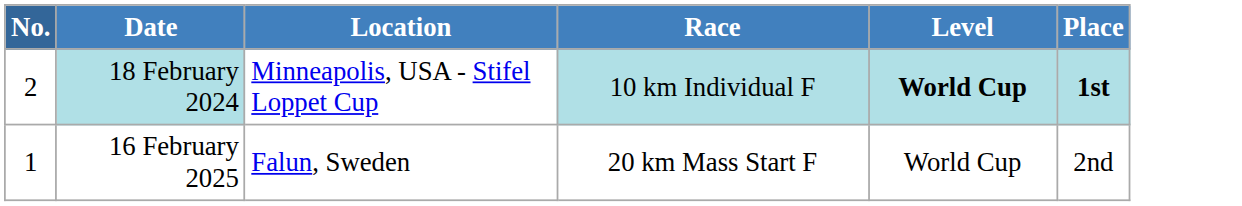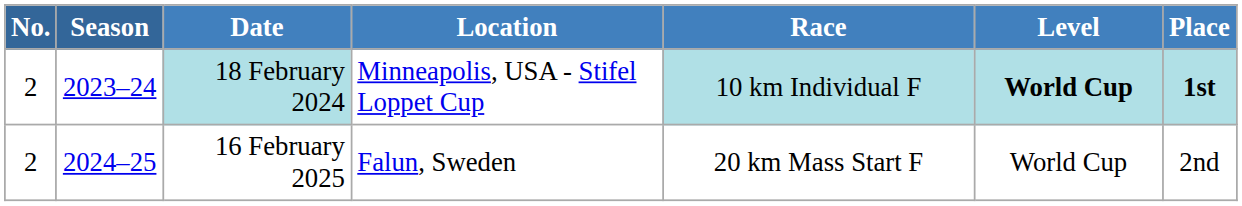 <table class="wikitable sortable" style="font-size:95%; text-align:center; border:grey solid 1px; border-collapse:collapse; background:#ffffff;">
 <tr style="background:#efefef;">
 <th style="background-color:#369; color:white;">No.</th>
+<th style="background-color:#369; color:white;">Season</th>
 <th style="background-color:#4180be; color:white; width:100px;">Date</th>
 <th style="background-color:#4180be; color:white; width:170px;">Location</th>
 <th style="background-color:#4180be; color:white; width:170px;">Race</th>
 <th style="background-color:#4180be; color:white; width:100px;">Level</th>
 <th style="background-color:#4180be; color:white;">Place</th>
 </tr>
 <tr>
 <td align=center>2</td>
+<td rowspan=1 align=center><a href='#'>2023–24</a></td>
 <td bgcolor="#BOEOE6" align=right>18  February 2024</td>
 <td align=left> <a href='#'>Minneapolis</a>, USA - <a href='#'>Stifel Loppet Cup</a></td>
 <td bgcolor="#BOEOE6">10 km Individual F</td>
 <td bgcolor="#BOEOE6"><strong>World Cup</strong></td>
 <td bgcolor="#BOEOE6"><strong>1st</strong></td>
 </tr>
 <tr>
-<td align=center>1</td>
+<td align=center>2</td>
+<td rowspan=1><a href='#'>2024–25</a></td>
 <td align=right>16 February 2025</td>
 <td align=left> <a href='#'>Falun</a>, Sweden</td>
 <td>20 km Mass Start F</td>
 <td>World Cup</td>
 <td>2nd</td>
 </tr>
 </table>
